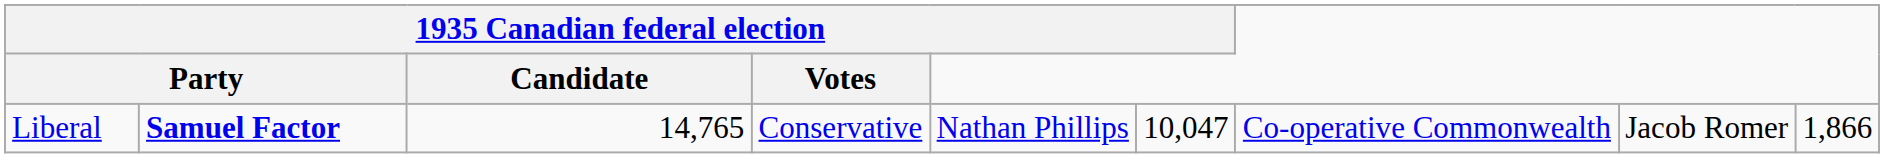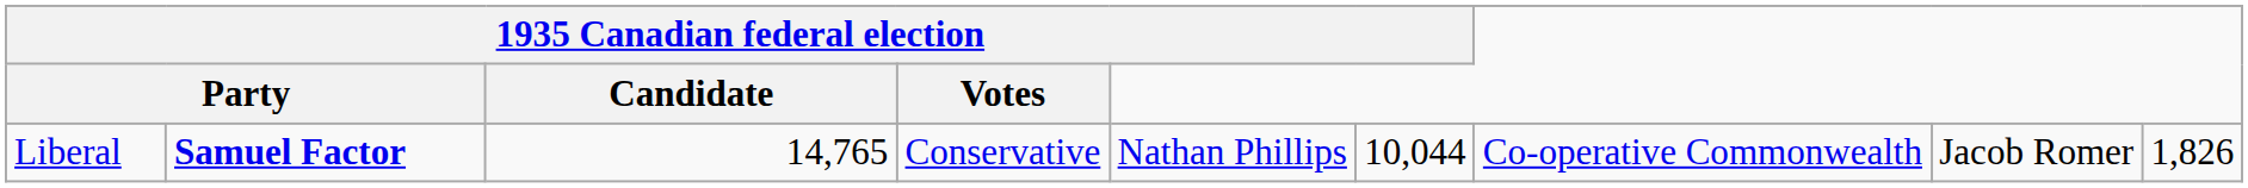 <table class="wikitable">
 <tr style="background:#e9e9e9;">
 <th colspan="6"><a href='#'>1935 Canadian federal election</a></th>
 </tr>
 <tr style="background:#e9e9e9;">
 <th colspan="2" style="width: 200px">Party</th>
 <th style="width: 170px">Candidate</th>
 <th style="width: 40px">Votes</th>
 </tr>
 <tr>
 <td><a href='#'>Liberal</a></td>
 <td><strong><a href='#'>Samuel Factor</a></strong></td>
 <td align="right">14,765<br></td>
 <td><a href='#'>Conservative</a></td>
 <td><a href='#'>Nathan Phillips</a></td>
-<td align="right">10,047<br>  </td>
+<td align="right">10,044<br>  </td>
 <td><a href='#'>Co-operative Commonwealth</a></td>
 <td>Jacob Romer</td>
-<td align="right">1,866</td>
+<td align="right">1,826</td>
 </tr>
 </table>
